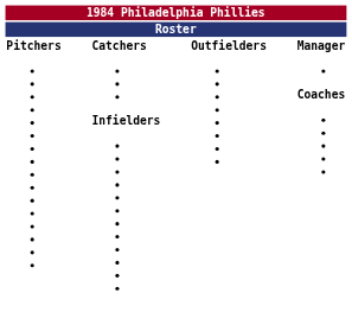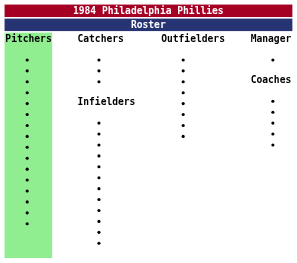 <table class="toccolours" style="font-size: 95%;">
 <tr>
 <th colspan="10" style="background-color: #A50024; color: white; text-align: center;">1984 Philadelphia Phillies</th>
 </tr>
 <tr>
 <td colspan="10" style="background-color: #263473; color: white; text-align: center;"><strong>Roster</strong></td>
 </tr>
 <tr>
-<td valign="top"><strong>Pitchers</strong><br><ul><li></li><li></li><li></li><li></li><li></li><li></li><li></li><li></li><li></li><li></li><li></li><li></li><li></li><li></li><li></li><li></li></ul></td>
+<td valign="top" style="background: lightgreen;"><strong>Pitchers</strong><br><ul><li></li><li></li><li></li><li></li><li></li><li></li><li></li><li></li><li></li><li></li><li></li><li></li><li></li><li></li><li></li><li></li></ul></td>
 <td width="25px"></td>
 <td valign="top"><strong>Catchers</strong><br><ul><li></li><li></li><li></li></ul><strong>Infielders</strong><ul><li></li><li></li><li></li><li></li><li></li><li></li><li></li><li></li><li></li><li></li><li></li><li></li></ul></td>
 <td width="25px"></td>
 <td valign="top"><strong>Outfielders</strong><br><ul><li></li><li></li><li></li><li></li><li></li><li></li><li></li><li></li></ul></td>
 <td width="25px"></td>
 <td valign="top"><strong>Manager</strong><br><ul><li></li></ul><strong>Coaches</strong><ul><li></li><li></li><li></li><li></li><li></li></ul></td>
 </tr>
 <tr>
 </tr>
 </table>
